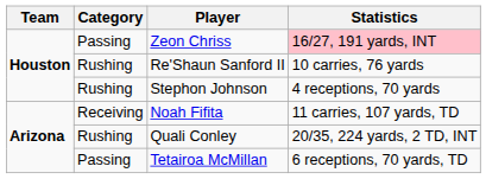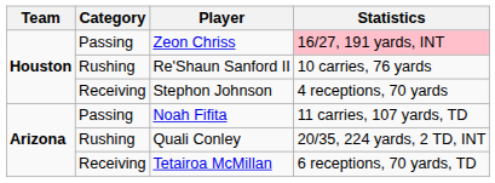 <table class="wikitable" style="float: right;">
 <tr>
 <th>Team</th>
 <th>Category</th>
 <th>Player</th>
 <th>Statistics</th>
 </tr>
 <tr>
 <td rowspan=3><strong>Houston</strong></td>
 <td>Passing</td>
 <td><a href='#'>Zeon Chriss</a></td>
 <td style="background: pink;">16/27, 191 yards, INT</td>
 </tr>
 <tr>
 <td>Rushing</td>
 <td>Re'Shaun Sanford II</td>
 <td>10 carries, 76 yards</td>
 </tr>
 <tr>
-<td>Rushing</td>
+<td>Receiving</td>
 <td>Stephon Johnson</td>
 <td>4 receptions, 70 yards</td>
 </tr>
 <tr>
 <td rowspan=3><strong>Arizona</strong></td>
-<td>Receiving</td>
+<td>Passing</td>
 <td><a href='#'>Noah Fifita</a></td>
 <td>11 carries, 107 yards, TD</td>
 </tr>
 <tr>
 <td>Rushing</td>
 <td>Quali Conley</td>
 <td>20/35, 224 yards, 2 TD, INT</td>
 </tr>
 <tr>
-<td>Passing</td>
+<td>Receiving</td>
 <td><a href='#'>Tetairoa McMillan</a></td>
 <td>6 receptions, 70 yards, TD</td>
 </tr>
 </table>
